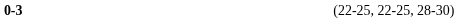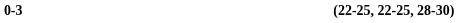 <table width=100% cellspacing=1>
 <tr>
 <th width=20%></th>
 <th width=12%></th>
 <th width=20%></th>
 <th width=33%></th>
 <td></td>
 </tr>
 <tr style=font-size:90%>
 <td align=right></td>
 <td align=center><strong>0-3</strong></td>
 <td></td>
-<td>(22-25, 22-25, 28-30)</td>
+<td><strong>(22-25, 22-25, 28-30)</strong></td>
 </tr>
 </table>
